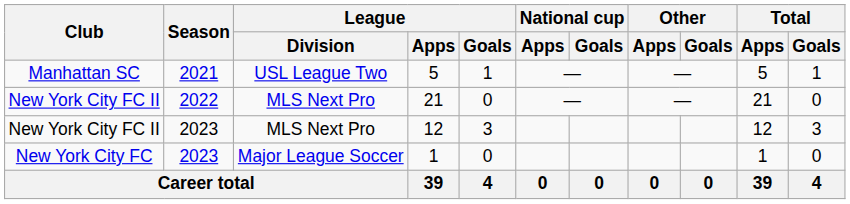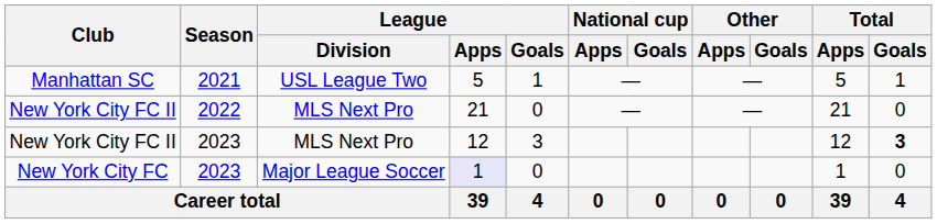 <table class="wikitable" style="text-align:center">
 <tr>
 <th rowspan="2">Club</th>
 <th rowspan="2">Season</th>
 <th colspan="3">League</th>
 <th colspan="2">National cup</th>
 <th colspan="2">Other</th>
 <th colspan="2">Total</th>
 </tr>
 <tr>
 <th>Division</th>
 <th>Apps</th>
 <th>Goals</th>
 <th>Apps</th>
 <th>Goals</th>
 <th>Apps</th>
 <th>Goals</th>
 <th>Apps</th>
 <th>Goals</th>
 </tr>
 <tr>
 <td><a href='#'>Manhattan SC</a></td>
 <td><a href='#'>2021</a></td>
 <td><a href='#'>USL League Two</a></td>
 <td>5</td>
 <td>1</td>
 <td colspan=2>—</td>
 <td colspan=2>—</td>
 <td>5</td>
 <td>1</td>
 </tr>
 <tr>
 <td><a href='#'>New York City FC II</a></td>
 <td><a href='#'>2022</a></td>
 <td><a href='#'>MLS Next Pro</a></td>
 <td>21</td>
 <td>0</td>
 <td colspan=2>—</td>
 <td colspan=2>—</td>
 <td>21</td>
 <td>0</td>
 </tr>
 <tr>
 <td>New York City FC II</td>
 <td>2023</td>
 <td>MLS Next Pro</td>
 <td>12</td>
 <td>3</td>
 <td></td>
 <td></td>
 <td></td>
 <td></td>
 <td>12</td>
-<td>3</td>
+<td><strong>3</strong></td>
 </tr>
 <tr>
 <td><a href='#'>New York City FC</a></td>
 <td><a href='#'>2023</a></td>
 <td><a href='#'>Major League Soccer</a></td>
-<td>1</td>
+<td style="background: lavender;">1</td>
 <td>0</td>
 <td></td>
 <td></td>
 <td></td>
 <td></td>
 <td>1</td>
 <td>0</td>
 </tr>
 <tr>
 <th colspan="3">Career total</th>
 <th>39</th>
 <th>4</th>
 <th>0</th>
 <th>0</th>
 <th>0</th>
 <th>0</th>
 <th>39</th>
 <th>4</th>
 </tr>
 </table>
